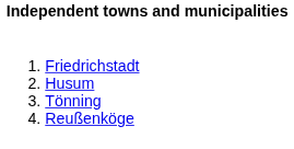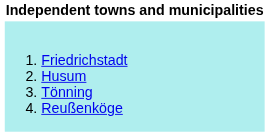 <table>
 <tr ---->
 <th>Independent towns and municipalities</th>
 </tr>
 <tr>
-<td valign=top><br><ol><li><a href='#'>Friedrichstadt</a></li><li><a href='#'>Husum</a></li><li><a href='#'>Tönning</a></li><li><a href='#'>Reußenköge</a></li></ol></td>
+<td valign=top style="background: paleturquoise;"><br><ol><li><a href='#'>Friedrichstadt</a></li><li><a href='#'>Husum</a></li><li><a href='#'>Tönning</a></li><li><a href='#'>Reußenköge</a></li></ol></td>
 </tr>
 </table>
